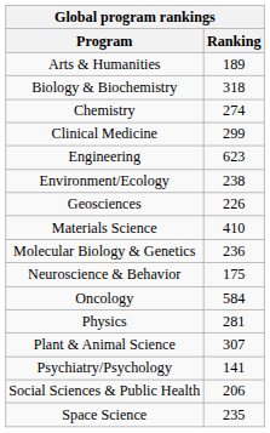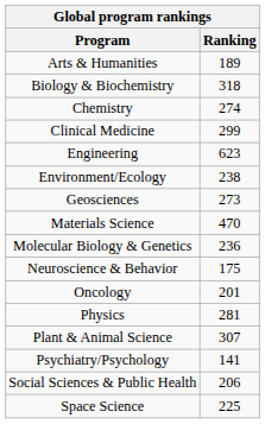 <table class="wikitable sortable collapsible collapsed" style="float:right; clear:right; text-align:center">
 <tr>
 <th colspan=4>Global program rankings</th>
 </tr>
 <tr>
 <th>Program</th>
 <th>Ranking</th>
 </tr>
 <tr>
 <td>Arts & Humanities</td>
 <td>189</td>
 </tr>
 <tr>
 <td>Biology & Biochemistry</td>
 <td>318</td>
 </tr>
 <tr>
 <td>Chemistry</td>
 <td>274</td>
 </tr>
 <tr>
 <td>Clinical Medicine</td>
 <td>299</td>
 </tr>
 <tr>
 <td>Engineering</td>
 <td>623</td>
 </tr>
 <tr>
 <td>Environment/Ecology</td>
 <td>238</td>
 </tr>
 <tr>
 <td>Geosciences</td>
-<td>226</td>
+<td>273</td>
 </tr>
 <tr>
 <td>Materials Science</td>
-<td>410</td>
+<td>470</td>
 </tr>
 <tr>
 <td>Molecular Biology & Genetics</td>
 <td>236</td>
 </tr>
 <tr>
 <td>Neuroscience & Behavior</td>
 <td>175</td>
 </tr>
 <tr>
 <td>Oncology</td>
-<td>584</td>
+<td>201</td>
 </tr>
 <tr>
 <td>Physics</td>
 <td>281</td>
 </tr>
 <tr>
 <td>Plant & Animal Science</td>
 <td>307</td>
 </tr>
 <tr>
 <td>Psychiatry/Psychology</td>
 <td>141</td>
 </tr>
 <tr>
 <td>Social Sciences & Public Health</td>
 <td>206</td>
 </tr>
 <tr>
 <td>Space Science</td>
-<td>235</td>
+<td>225</td>
 </tr>
 </table>
